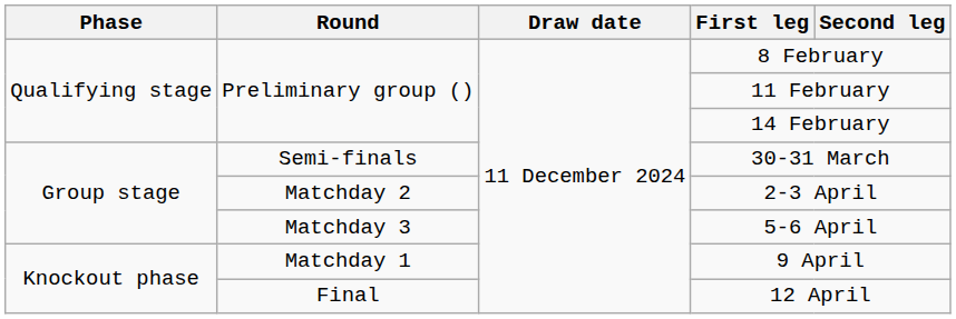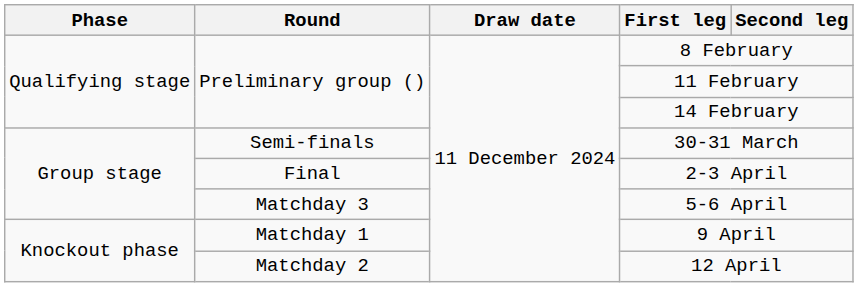 <table class="wikitable" style="text-align:center">
 <tr>
 <th>Phase</th>
 <th>Round</th>
 <th>Draw date</th>
 <th>First leg</th>
 <th>Second leg</th>
 </tr>
 <tr>
 <td rowspan=3>Qualifying stage</td>
 <td rowspan=3>Preliminary group ()</td>
 <td rowspan=8>11 December 2024</td>
 <td colspan=2>8 February</td>
 </tr>
 <tr>
 <td colspan=2>11 February</td>
 </tr>
 <tr>
 <td colspan=2>14 February</td>
 </tr>
 <tr>
 <td rowspan=3>Group stage</td>
 <td>Semi-finals</td>
 <td colspan=2>30-31 March</td>
 </tr>
 <tr>
-<td>Matchday 2</td>
+<td>Final</td>
 <td colspan=2>2-3 April</td>
 </tr>
 <tr>
 <td>Matchday 3</td>
 <td colspan=2>5-6 April</td>
 </tr>
 <tr>
 <td rowspan=2>Knockout phase</td>
 <td>Matchday 1</td>
 <td colspan=2>9 April</td>
 </tr>
 <tr>
-<td>Final</td>
+<td>Matchday 2</td>
 <td colspan=2>12 April</td>
 </tr>
 </table>
